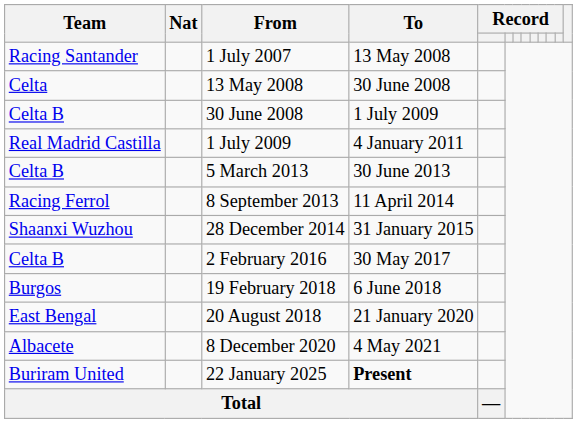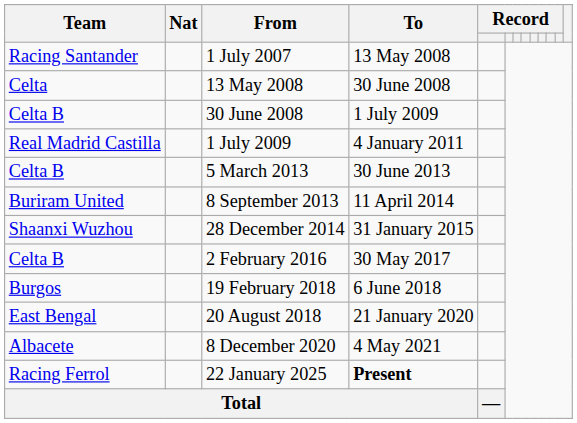 <table class="wikitable" style="text-align: center">
 <tr>
 <th rowspan="2">Team</th>
 <th rowspan="2">Nat</th>
 <th rowspan="2">From</th>
 <th rowspan="2">To</th>
 <th colspan="8">Record</th>
 <th rowspan=2></th>
 </tr>
 <tr>
 <th></th>
 <th></th>
 <th></th>
 <th></th>
 <th></th>
 <th></th>
 <th></th>
 <th></th>
 </tr>
 <tr>
 <td align=left><a href='#'>Racing Santander</a></td>
 <td></td>
 <td align=left>1 July 2007</td>
 <td align=left>13 May 2008<br></td>
 <td></td>
 </tr>
 <tr>
 <td align="left"><a href='#'>Celta</a></td>
 <td></td>
 <td align=left>13 May 2008</td>
 <td align=left>30 June 2008<br></td>
 <td></td>
 </tr>
 <tr>
 <td align="left"><a href='#'>Celta B</a></td>
 <td></td>
 <td align=left>30 June 2008</td>
 <td align=left>1 July 2009<br></td>
 <td></td>
 </tr>
 <tr>
 <td align="left"><a href='#'>Real Madrid Castilla</a></td>
 <td></td>
 <td align=left>1 July 2009</td>
 <td align=left>4 January 2011<br></td>
 <td></td>
 </tr>
 <tr>
 <td align="left"><a href='#'>Celta B</a></td>
 <td></td>
 <td align=left>5 March 2013</td>
 <td align=left>30 June 2013<br></td>
 <td></td>
 </tr>
 <tr>
-<td align="left"><a href='#'>Racing Ferrol</a></td>
+<td align=left><a href='#'>Buriram United</a></td>
 <td></td>
 <td align=left>8 September 2013</td>
 <td align=left>11 April 2014<br></td>
 <td></td>
 </tr>
 <tr>
 <td align=left><a href='#'>Shaanxi Wuzhou</a></td>
 <td></td>
 <td align=left>28 December 2014</td>
 <td align=left>31 January 2015<br></td>
 <td></td>
 </tr>
 <tr>
 <td align="left"><a href='#'>Celta B</a></td>
 <td></td>
 <td align=left>2 February 2016</td>
 <td align=left>30 May 2017<br></td>
 <td></td>
 </tr>
 <tr>
 <td align="left"><a href='#'>Burgos</a></td>
 <td></td>
 <td align=left>19 February 2018</td>
 <td align=left>6 June 2018<br></td>
 <td></td>
 </tr>
 <tr>
 <td align="left"><a href='#'>East Bengal</a></td>
 <td></td>
 <td align=left>20 August 2018</td>
 <td align=left>21 January 2020<br></td>
 <td></td>
 </tr>
 <tr>
 <td align="left"><a href='#'>Albacete</a></td>
 <td></td>
 <td align=left>8 December 2020</td>
 <td align=left>4 May 2021<br></td>
 <td></td>
 </tr>
 <tr>
-<td align=left><a href='#'>Buriram United</a></td>
+<td align="left"><a href='#'>Racing Ferrol</a></td>
 <td></td>
 <td align=left>22 January 2025</td>
 <td align=left><strong>Present<br></strong></td>
 <td></td>
 </tr>
 <tr>
 <th colspan=4>Total<br></th>
 <th>—</th>
 </tr>
 </table>
